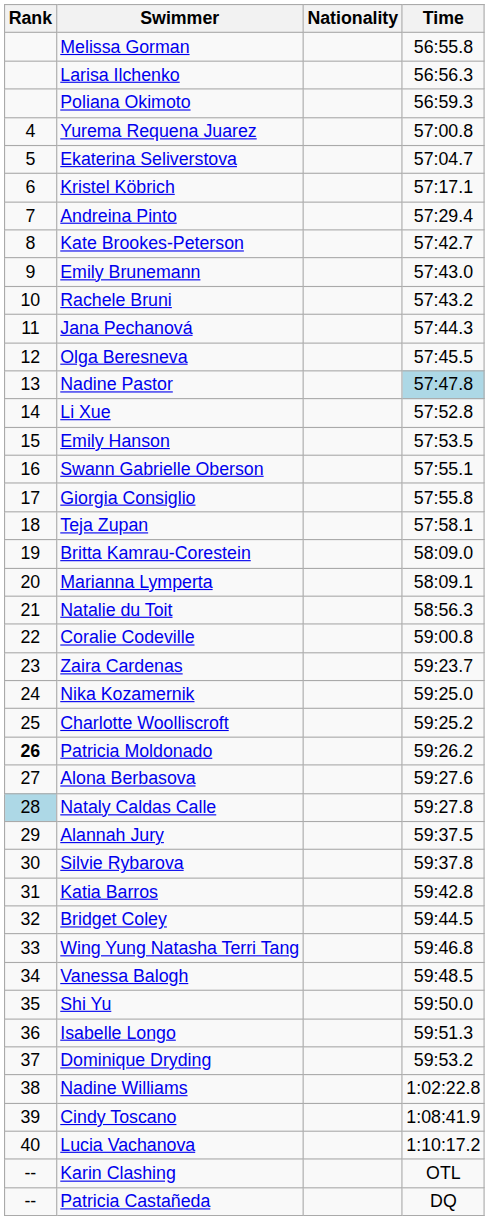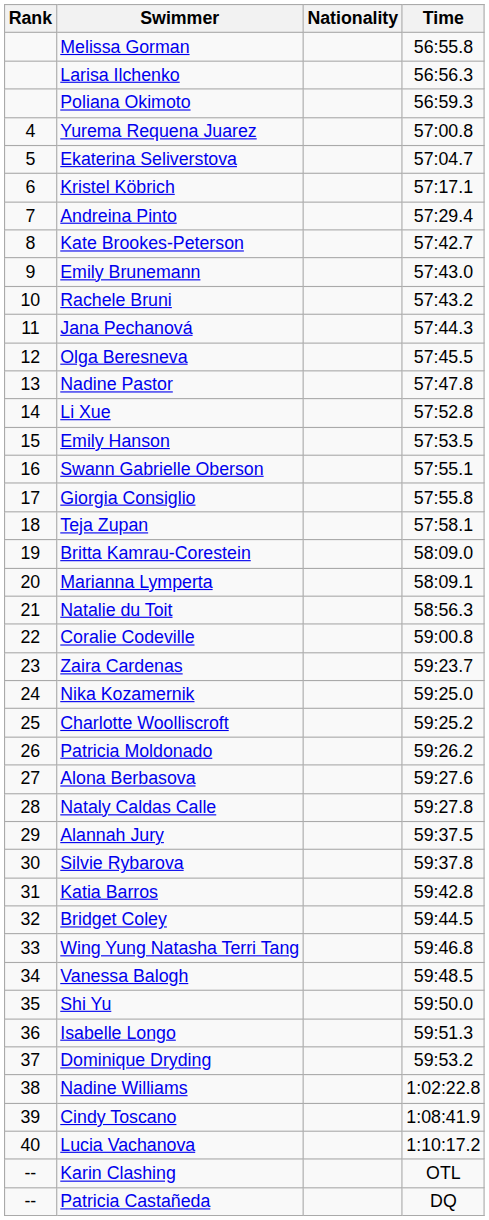 <table class="wikitable" border="1" style="text-align:center">
 <tr>
 <th>Rank</th>
 <th>Swimmer</th>
 <th>Nationality</th>
 <th>Time</th>
 </tr>
 <tr>
 <td></td>
 <td align=left><a href='#'>Melissa Gorman</a></td>
 <td align=left></td>
 <td>56:55.8</td>
 </tr>
 <tr>
 <td></td>
 <td align=left><a href='#'>Larisa Ilchenko</a></td>
 <td align=left></td>
 <td>56:56.3</td>
 </tr>
 <tr>
 <td></td>
 <td align=left><a href='#'>Poliana Okimoto</a></td>
 <td align=left></td>
 <td>56:59.3</td>
 </tr>
 <tr>
 <td>4</td>
 <td align=left><a href='#'>Yurema Requena Juarez</a></td>
 <td align=left></td>
 <td>57:00.8</td>
 </tr>
 <tr>
 <td>5</td>
 <td align=left><a href='#'>Ekaterina Seliverstova</a></td>
 <td align=left></td>
 <td>57:04.7</td>
 </tr>
 <tr>
 <td>6</td>
 <td align=left><a href='#'>Kristel Köbrich</a></td>
 <td align=left></td>
 <td>57:17.1</td>
 </tr>
 <tr>
 <td>7</td>
 <td align=left><a href='#'>Andreina Pinto</a></td>
 <td align=left></td>
 <td>57:29.4</td>
 </tr>
 <tr>
 <td>8</td>
 <td align=left><a href='#'>Kate Brookes-Peterson</a></td>
 <td align=left></td>
 <td>57:42.7</td>
 </tr>
 <tr>
 <td>9</td>
 <td align=left><a href='#'>Emily Brunemann</a></td>
 <td align=left></td>
 <td>57:43.0</td>
 </tr>
 <tr>
 <td>10</td>
 <td align=left><a href='#'>Rachele Bruni</a></td>
 <td align=left></td>
 <td>57:43.2</td>
 </tr>
 <tr>
 <td>11</td>
 <td align=left><a href='#'>Jana Pechanová</a></td>
 <td align=left></td>
 <td>57:44.3</td>
 </tr>
 <tr>
 <td>12</td>
 <td align=left><a href='#'>Olga Beresneva</a></td>
 <td align=left></td>
 <td>57:45.5</td>
 </tr>
 <tr>
 <td>13</td>
 <td align=left><a href='#'>Nadine Pastor</a></td>
 <td align=left></td>
-<td style="background: lightblue;">57:47.8</td>
+<td>57:47.8</td>
 </tr>
 <tr>
 <td>14</td>
 <td align=left><a href='#'>Li Xue</a></td>
 <td align=left></td>
 <td>57:52.8</td>
 </tr>
 <tr>
 <td>15</td>
 <td align=left><a href='#'>Emily Hanson</a></td>
 <td align=left></td>
 <td>57:53.5</td>
 </tr>
 <tr>
 <td>16</td>
 <td align=left><a href='#'>Swann Gabrielle Oberson</a></td>
 <td align=left></td>
 <td>57:55.1</td>
 </tr>
 <tr>
 <td>17</td>
 <td align=left><a href='#'>Giorgia Consiglio</a></td>
 <td align=left></td>
 <td>57:55.8</td>
 </tr>
 <tr>
 <td>18</td>
 <td align=left><a href='#'>Teja Zupan</a></td>
 <td align=left></td>
 <td>57:58.1</td>
 </tr>
 <tr>
 <td>19</td>
 <td align=left><a href='#'>Britta Kamrau-Corestein</a></td>
 <td align=left></td>
 <td>58:09.0</td>
 </tr>
 <tr>
 <td>20</td>
 <td align=left><a href='#'>Marianna Lymperta</a></td>
 <td align=left></td>
 <td>58:09.1</td>
 </tr>
 <tr>
 <td>21</td>
 <td align=left><a href='#'>Natalie du Toit</a></td>
 <td align=left></td>
 <td>58:56.3</td>
 </tr>
 <tr>
 <td>22</td>
 <td align=left><a href='#'>Coralie Codeville</a></td>
 <td align=left></td>
 <td>59:00.8</td>
 </tr>
 <tr>
 <td>23</td>
 <td align=left><a href='#'>Zaira Cardenas</a></td>
 <td align=left></td>
 <td>59:23.7</td>
 </tr>
 <tr>
 <td>24</td>
 <td align=left><a href='#'>Nika Kozamernik</a></td>
 <td align=left></td>
 <td>59:25.0</td>
 </tr>
 <tr>
 <td>25</td>
 <td align=left><a href='#'>Charlotte Woolliscroft</a></td>
 <td align=left></td>
 <td>59:25.2</td>
 </tr>
 <tr>
-<td><strong>26</strong></td>
+<td>26</td>
 <td align=left><a href='#'>Patricia Moldonado</a></td>
 <td align=left></td>
 <td>59:26.2</td>
 </tr>
 <tr>
 <td>27</td>
 <td align=left><a href='#'>Alona Berbasova</a></td>
 <td align=left></td>
 <td>59:27.6</td>
 </tr>
 <tr>
-<td style="background: lightblue;">28</td>
+<td>28</td>
 <td align=left><a href='#'>Nataly Caldas Calle</a></td>
 <td align=left></td>
 <td>59:27.8</td>
 </tr>
 <tr>
 <td>29</td>
 <td align=left><a href='#'>Alannah Jury</a></td>
 <td align=left></td>
 <td>59:37.5</td>
 </tr>
 <tr>
 <td>30</td>
 <td align=left><a href='#'>Silvie Rybarova</a></td>
 <td align=left></td>
 <td>59:37.8</td>
 </tr>
 <tr>
 <td>31</td>
 <td align=left><a href='#'>Katia Barros</a></td>
 <td align=left></td>
 <td>59:42.8</td>
 </tr>
 <tr>
 <td>32</td>
 <td align=left><a href='#'>Bridget Coley</a></td>
 <td align=left></td>
 <td>59:44.5</td>
 </tr>
 <tr>
 <td>33</td>
 <td align=left><a href='#'>Wing Yung Natasha Terri Tang</a></td>
 <td align=left></td>
 <td>59:46.8</td>
 </tr>
 <tr>
 <td>34</td>
 <td align=left><a href='#'>Vanessa Balogh</a></td>
 <td align=left></td>
 <td>59:48.5</td>
 </tr>
 <tr>
 <td>35</td>
 <td align=left><a href='#'>Shi Yu</a></td>
 <td align=left></td>
 <td>59:50.0</td>
 </tr>
 <tr>
 <td>36</td>
 <td align=left><a href='#'>Isabelle Longo</a></td>
 <td align=left></td>
 <td>59:51.3</td>
 </tr>
 <tr>
 <td>37</td>
 <td align=left><a href='#'>Dominique Dryding</a></td>
 <td align=left></td>
 <td>59:53.2</td>
 </tr>
 <tr>
 <td>38</td>
 <td align=left><a href='#'>Nadine Williams</a></td>
 <td align=left></td>
 <td>1:02:22.8</td>
 </tr>
 <tr>
 <td>39</td>
 <td align=left><a href='#'>Cindy Toscano</a></td>
 <td align=left></td>
 <td>1:08:41.9</td>
 </tr>
 <tr>
 <td>40</td>
 <td align=left><a href='#'>Lucia Vachanova</a></td>
 <td align=left></td>
 <td>1:10:17.2</td>
 </tr>
 <tr>
 <td>--</td>
 <td align=left><a href='#'>Karin Clashing</a></td>
 <td align=left></td>
 <td>OTL</td>
 </tr>
 <tr>
 <td>--</td>
 <td align=left><a href='#'>Patricia Castañeda</a></td>
 <td align=left></td>
 <td>DQ</td>
 </tr>
 </table>
